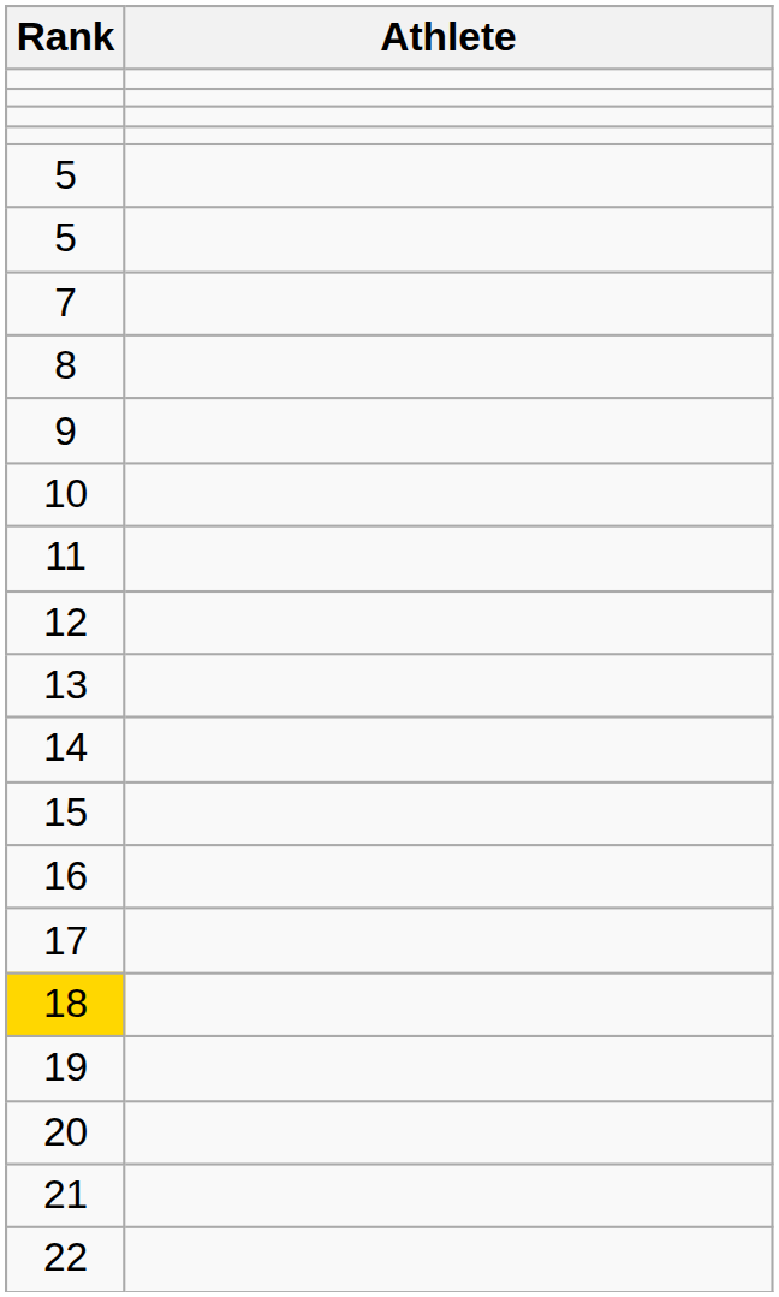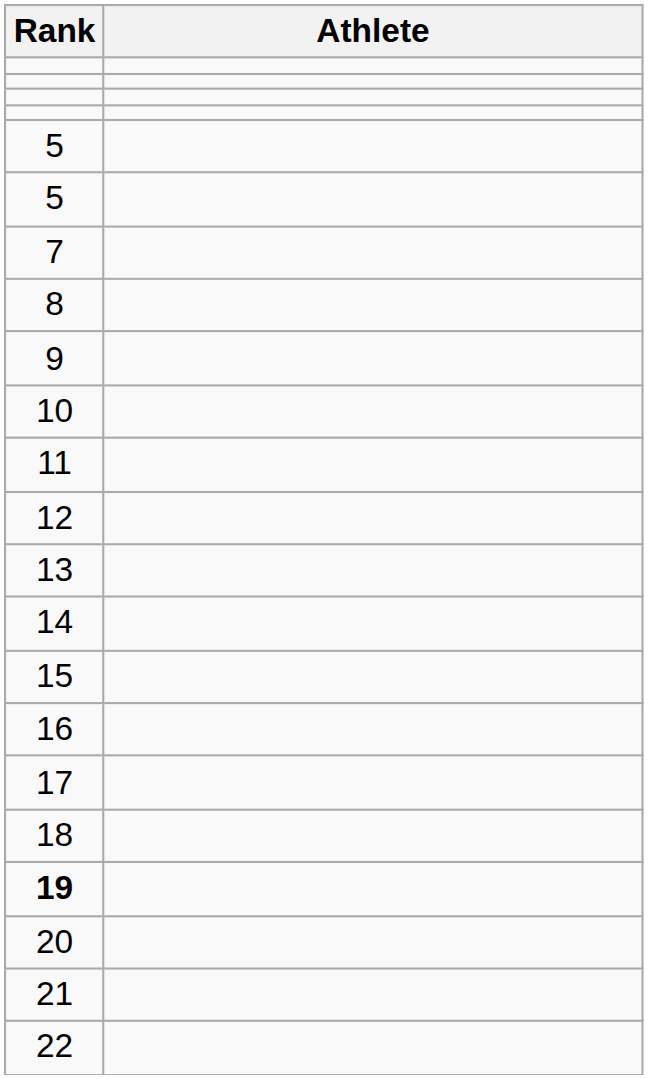 <table class="wikitable" style="text-align: center;">
 <tr>
 <th width=40>Rank</th>
 <th width=250>Athlete</th>
 </tr>
 <tr>
 <td></td>
 <td align="left"></td>
 </tr>
 <tr>
 <td></td>
 <td align="left"></td>
 </tr>
 <tr>
 <td></td>
 <td align="left"></td>
 </tr>
 <tr>
 <td></td>
 <td align="left"></td>
 </tr>
 <tr>
 <td>5</td>
 <td align="left"></td>
 </tr>
 <tr>
 <td>5</td>
 <td align="left"></td>
 </tr>
 <tr>
 <td>7</td>
 <td align="left"></td>
 </tr>
 <tr>
 <td>8</td>
 <td align="left"></td>
 </tr>
 <tr>
 <td>9</td>
 <td align="left"></td>
 </tr>
 <tr>
 <td>10</td>
 <td align="left"></td>
 </tr>
 <tr>
 <td>11</td>
 <td align="left"></td>
 </tr>
 <tr>
 <td>12</td>
 <td align="left"></td>
 </tr>
 <tr>
 <td>13</td>
 <td align="left"></td>
 </tr>
 <tr>
 <td>14</td>
 <td align="left"></td>
 </tr>
 <tr>
 <td>15</td>
 <td align="left"></td>
 </tr>
 <tr>
 <td>16</td>
 <td align="left"></td>
 </tr>
 <tr>
 <td>17</td>
 <td align="left"></td>
 </tr>
 <tr>
-<td style="background: gold;">18</td>
+<td>18</td>
 <td align="left"></td>
 </tr>
 <tr>
-<td>19</td>
+<td><strong>19</strong></td>
 <td align="left"></td>
 </tr>
 <tr>
 <td>20</td>
 <td align="left"></td>
 </tr>
 <tr>
 <td>21</td>
 <td align="left"></td>
 </tr>
 <tr>
 <td>22</td>
 <td align="left"></td>
 </tr>
 </table>
